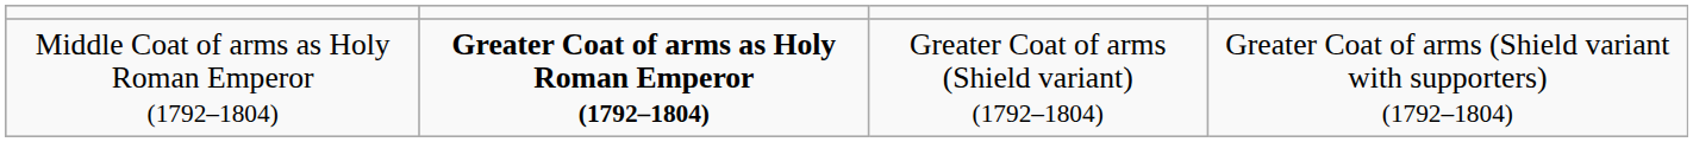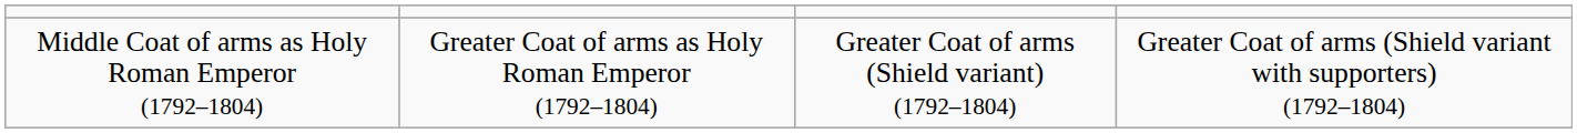 <table class="wikitable" style="margin:1em auto; text-align:center;">
 <tr>
 <td></td>
 <td></td>
 <td></td>
 <td></td>
 </tr>
 <tr>
 <td>Middle Coat of arms as Holy Roman Emperor<br><small>(1792–1804)</small></td>
-<td><strong>Greater Coat of arms as Holy Roman Emperor<br><small>(1792–1804)</small></strong></td>
+<td>Greater Coat of arms as Holy Roman Emperor<br><small>(1792–1804)</small></td>
 <td>Greater Coat of arms (Shield variant)<br><small>(1792–1804)</small></td>
 <td>Greater Coat of arms (Shield variant with supporters)<br><small>(1792–1804)</small></td>
 </tr>
 </table>
